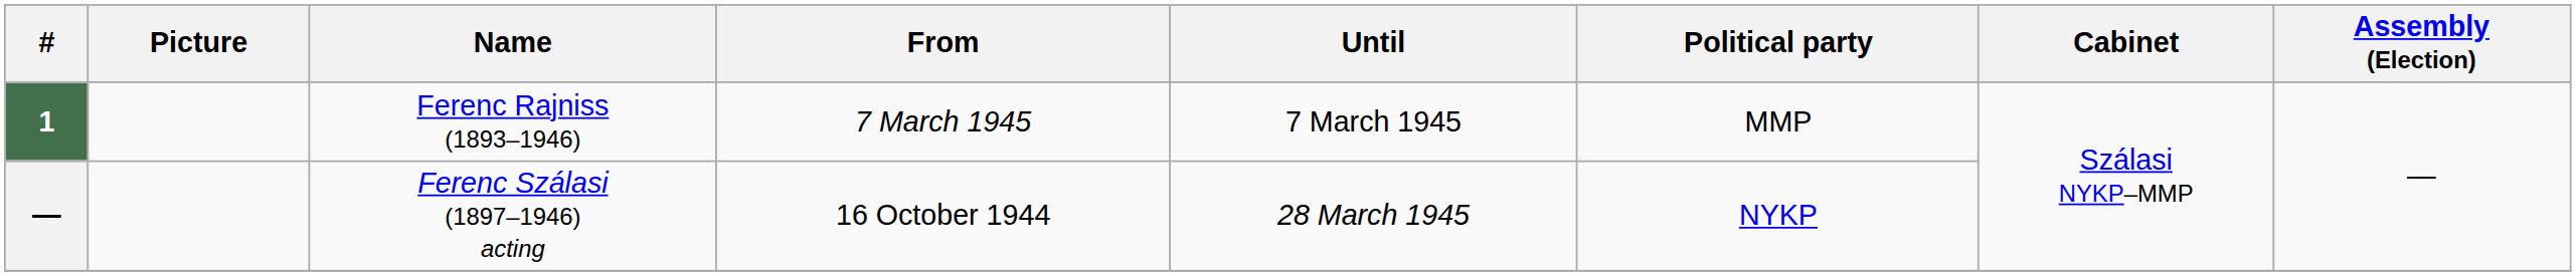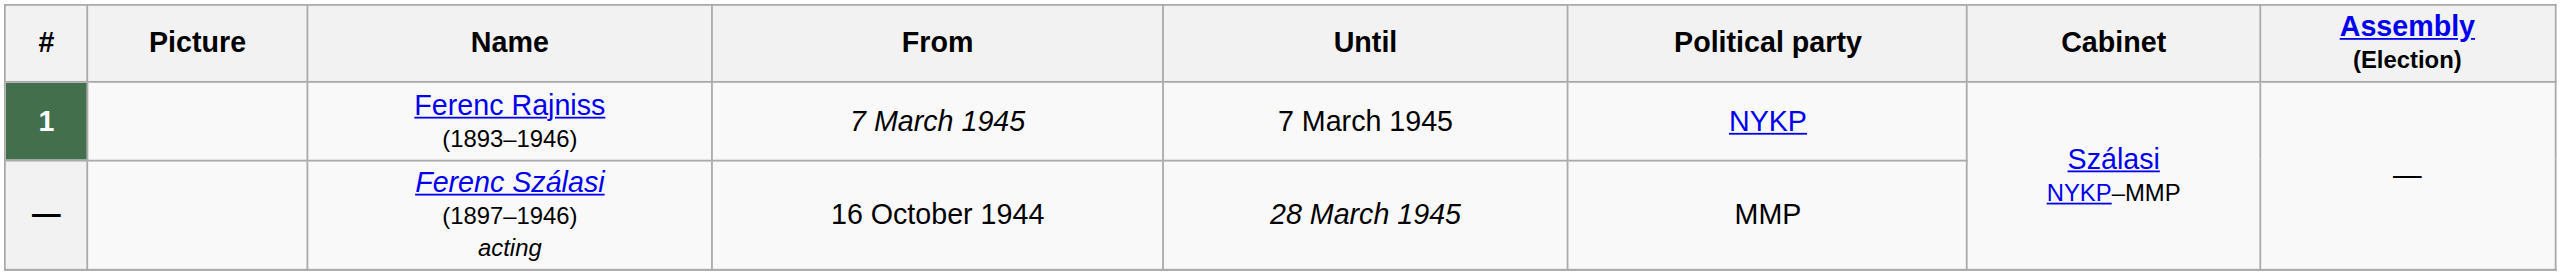 <table width=90% class="wikitable" style="text-align:center">
 <tr>
 <th>#</th>
 <th>Picture</th>
 <th>Name</th>
 <th>From</th>
 <th>Until</th>
 <th>Political party</th>
 <th>Cabinet</th>
 <th><a href='#'>Assembly</a><br><small>(Election)</small></th>
 </tr>
 <tr>
 <th style="background-color:#436F4D; color:white">1</th>
 <td></td>
 <td><a href='#'>Ferenc Rajniss</a><br><small>(1893–1946)</small></td>
 <td><em>7 March 1945</em></td>
 <td>7 March 1945</td>
-<td>MMP</td>
+<td><a href='#'>NYKP</a></td>
 <td rowspan="2"><a href='#'>Szálasi</a><br><small><a href='#'>NYKP</a>–MMP</small></td>
 <td rowspan="2">—</td>
 </tr>
 <tr>
 <th style="background-color:">—</th>
 <td></td>
 <td><em><a href='#'>Ferenc Szálasi</a></em><br><small>(1897–1946)<br><em>acting</em></small></td>
 <td>16 October 1944</td>
 <td><em>28 March 1945</em></td>
-<td><a href='#'>NYKP</a></td>
+<td>MMP</td>
 </tr>
 <tr>
 </tr>
 </table>
